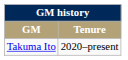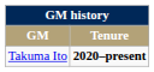 <table class="wikitable" style="text-align:center">
 <tr>
 <th colspan="2" style="background: #002858; color: #FFFFFF;">GM history</th>
 </tr>
 <tr>
 <th style="background: #B3A278; color: #FFFFFF;">GM</th>
 <th style="background: #B3A278; color: #FFFFFF;">Tenure</th>
 </tr>
 <tr>
 <td><a href='#'>Takuma Ito</a></td>
-<td>2020–present</td>
+<td><strong>2020–present</strong></td>
 </tr>
 </table>
